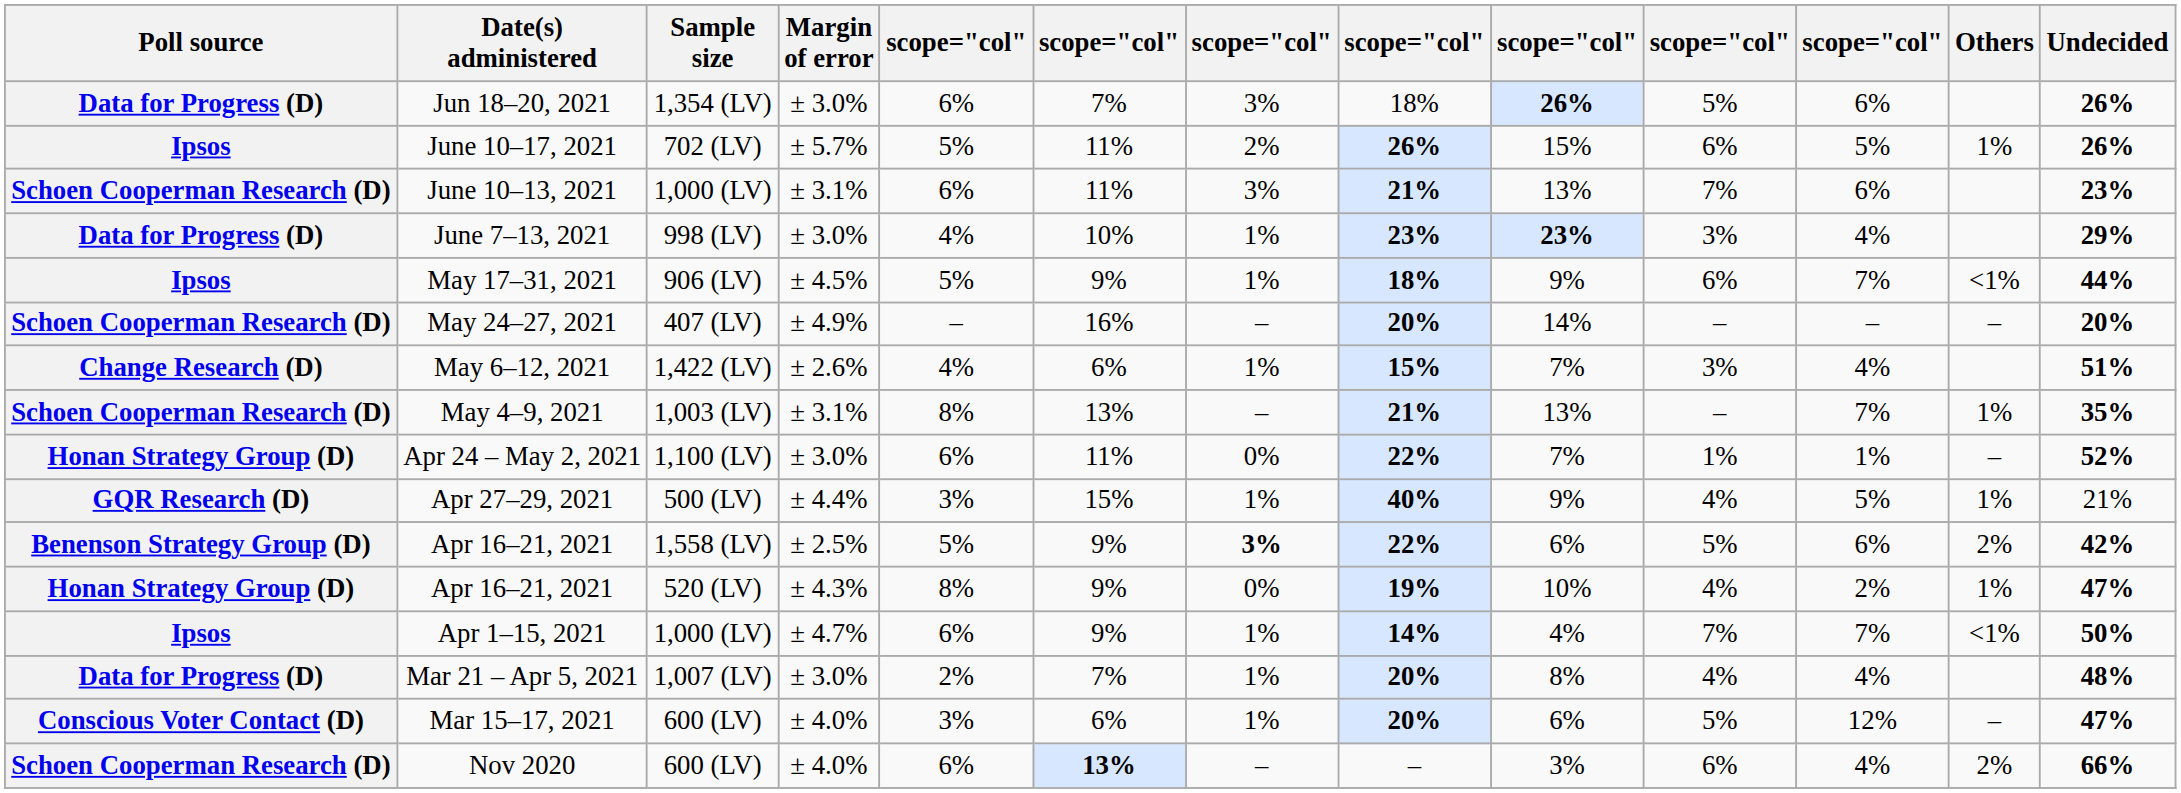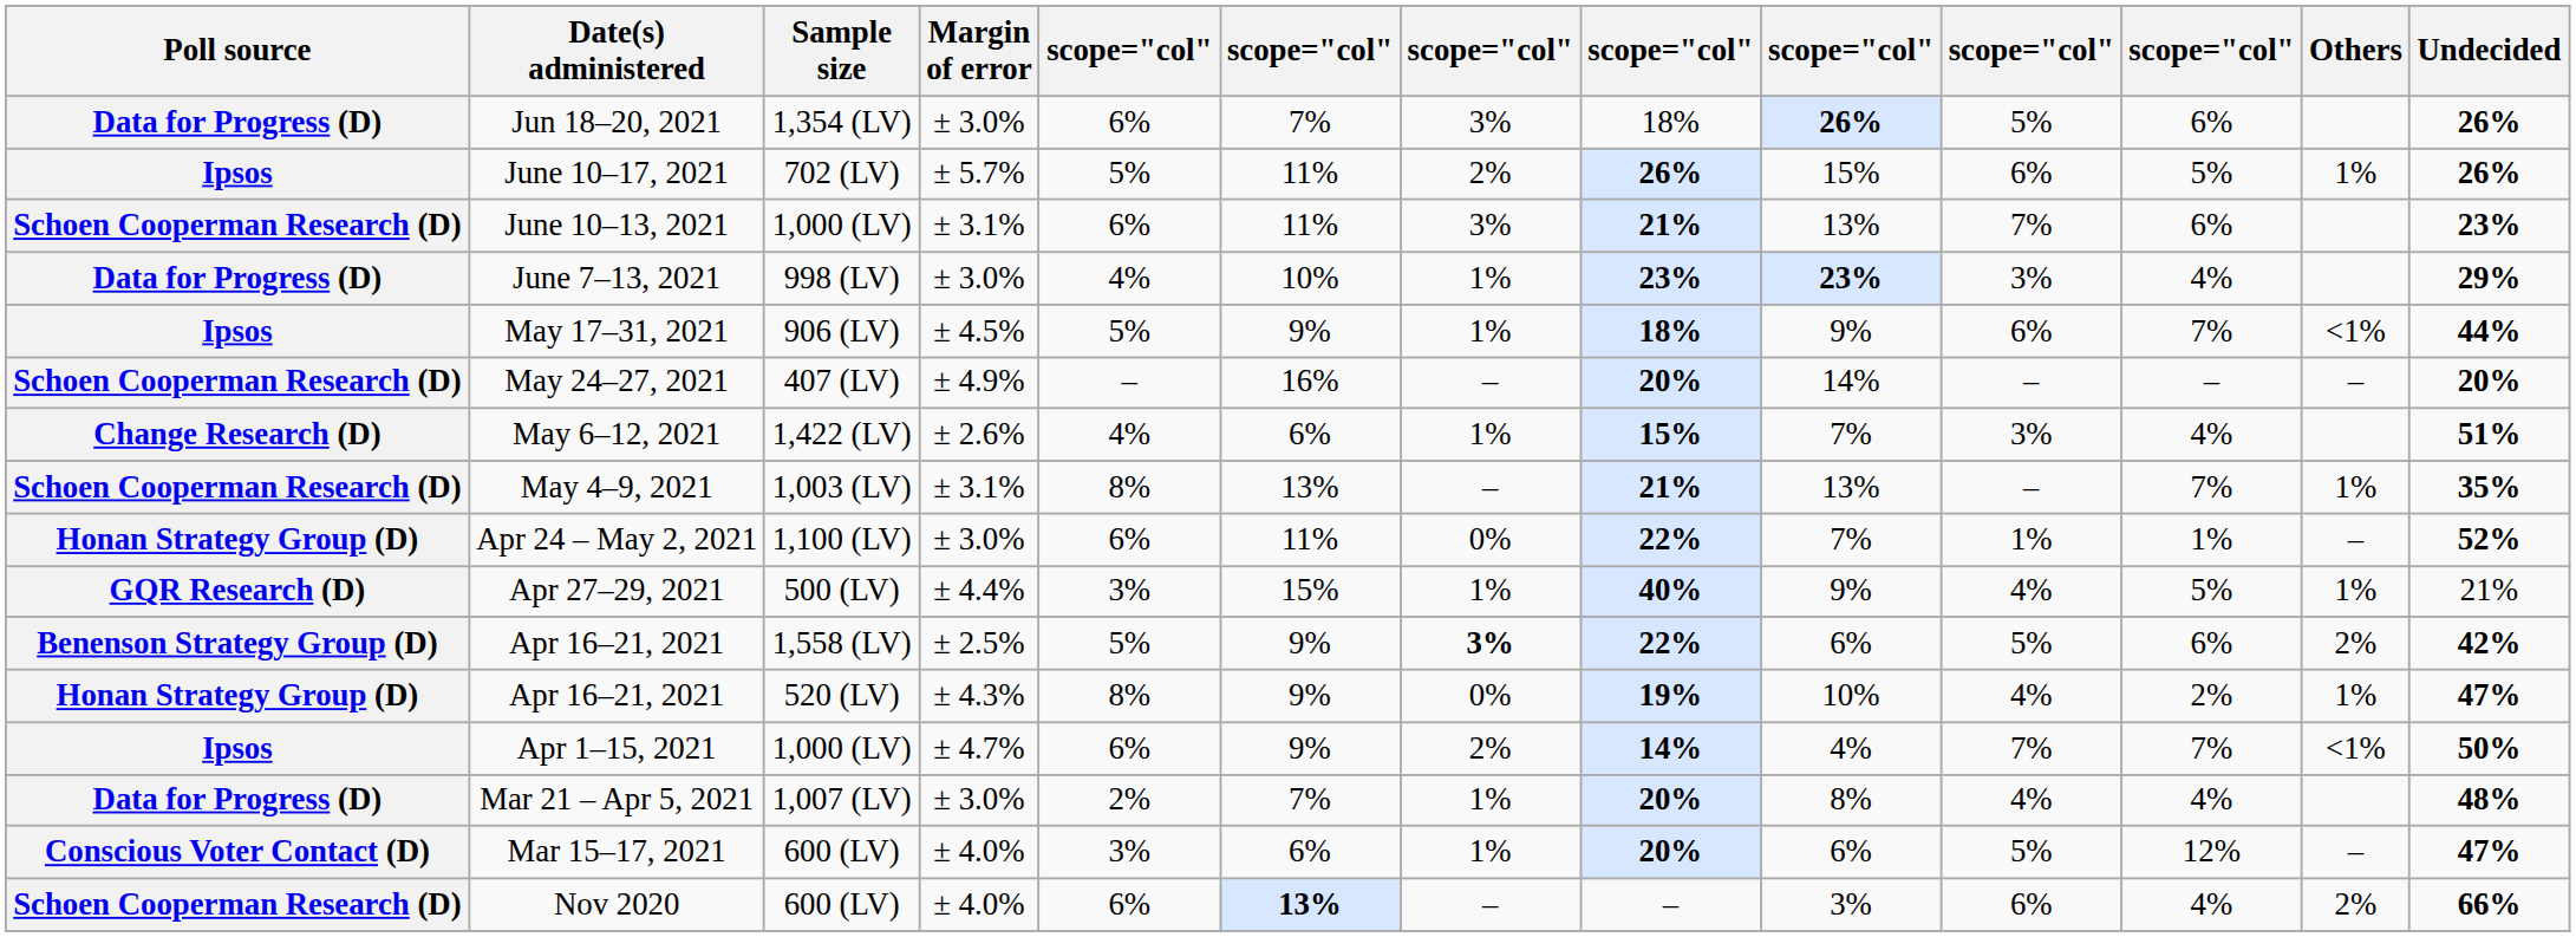 <table class="wikitable plainrowheaders" style="text-align:center; font-size:90%;">
 <tr>
 <th scope="col">Poll source</th>
 <th scope="col">Date(s)<br>administered</th>
 <th scope="col">Sample<br>size</th>
 <th scope="col">Margin<br>of error</th>
 <th>scope="col" </th>
 <th>scope="col" </th>
 <th>scope="col" </th>
 <th>scope="col" </th>
 <th>scope="col" </th>
 <th>scope="col" </th>
 <th>scope="col" </th>
 <th scope="col">Others</th>
 <th scope="col">Undecided</th>
 </tr>
 <tr>
 <th scope="row"><a href='#'>Data for Progress</a> (D)</th>
 <td>Jun 18–20, 2021</td>
 <td>1,354 (LV)</td>
 <td>± 3.0%</td>
 <td>6%</td>
 <td>7%</td>
 <td>3%</td>
 <td>18%</td>
 <td style="background:#d7e7ff"><strong>26%</strong></td>
 <td>5%</td>
 <td>6%</td>
 <td></td>
 <td><strong>26%</strong></td>
 </tr>
 <tr>
 <th scope="row"><a href='#'>Ipsos</a></th>
 <td>June 10–17, 2021</td>
 <td>702 (LV)</td>
 <td>± 5.7%</td>
 <td>5%</td>
 <td>11%</td>
 <td>2%</td>
 <td style="background:#d7e7ff"><strong>26%</strong></td>
 <td>15%</td>
 <td>6%</td>
 <td>5%</td>
 <td>1%</td>
 <td><strong>26%</strong></td>
 </tr>
 <tr>
 <th scope="row"><a href='#'>Schoen Cooperman Research</a> (D)</th>
 <td>June 10–13, 2021</td>
 <td>1,000 (LV)</td>
 <td>± 3.1%</td>
 <td>6%</td>
 <td>11%</td>
 <td>3%</td>
 <td style="background:#d7e7ff"><strong>21%</strong></td>
 <td>13%</td>
 <td>7%</td>
 <td>6%</td>
 <td></td>
 <td><strong>23%</strong></td>
 </tr>
 <tr>
 <th scope="row"><a href='#'>Data for Progress</a> (D)</th>
 <td>June 7–13, 2021</td>
 <td>998 (LV)</td>
 <td>± 3.0%</td>
 <td>4%</td>
 <td>10%</td>
 <td>1%</td>
 <td style="background:#d7e7ff"><strong>23%</strong></td>
 <td style="background:#d7e7ff"><strong>23%</strong></td>
 <td>3%</td>
 <td>4%</td>
 <td></td>
 <td><strong>29%</strong></td>
 </tr>
 <tr>
 <th scope="row"><a href='#'>Ipsos</a></th>
 <td>May 17–31, 2021</td>
 <td>906 (LV)</td>
 <td>± 4.5%</td>
 <td>5%</td>
 <td>9%</td>
 <td>1%</td>
 <td style="background:#d7e7ff"><strong>18%</strong></td>
 <td>9%</td>
 <td>6%</td>
 <td>7%</td>
 <td><1%</td>
 <td><strong>44%</strong></td>
 </tr>
 <tr>
 <th scope="row"><a href='#'>Schoen Cooperman Research</a> (D)</th>
 <td>May 24–27, 2021</td>
 <td>407 (LV)</td>
 <td>± 4.9%</td>
 <td>–</td>
 <td>16%</td>
 <td>–</td>
 <td style="background:#d7e7ff"><strong>20%</strong></td>
 <td>14%</td>
 <td>–</td>
 <td>–</td>
 <td>–</td>
 <td><strong>20%</strong></td>
 </tr>
 <tr>
 <th scope="row"><a href='#'>Change Research</a> (D)</th>
 <td>May 6–12, 2021</td>
 <td>1,422 (LV)</td>
 <td>± 2.6%</td>
 <td>4%</td>
 <td>6%</td>
 <td>1%</td>
 <td style="background:#d7e7ff"><strong>15%</strong></td>
 <td>7%</td>
 <td>3%</td>
 <td>4%</td>
 <td></td>
 <td><strong>51%</strong></td>
 </tr>
 <tr>
 <th scope="row"><a href='#'>Schoen Cooperman Research</a> (D)</th>
 <td>May 4–9, 2021</td>
 <td>1,003 (LV)</td>
 <td>± 3.1%</td>
 <td>8%</td>
 <td>13%</td>
 <td>–</td>
 <td style="background:#d7e7ff"><strong>21%</strong></td>
 <td>13%</td>
 <td>–</td>
 <td>7%</td>
 <td>1%</td>
 <td><strong>35%</strong></td>
 </tr>
 <tr>
 <th scope="row"><a href='#'>Honan Strategy Group</a> (D)</th>
 <td>Apr 24 – May 2, 2021</td>
 <td>1,100 (LV)</td>
 <td>± 3.0%</td>
 <td>6%</td>
 <td>11%</td>
 <td>0%</td>
 <td style="background:#d7e7ff"><strong>22%</strong></td>
 <td>7%</td>
 <td>1%</td>
 <td>1%</td>
 <td>–</td>
 <td><strong>52%</strong></td>
 </tr>
 <tr>
 <th scope="row"><a href='#'>GQR Research</a> (D)</th>
 <td>Apr 27–29, 2021</td>
 <td>500 (LV)</td>
 <td>± 4.4%</td>
 <td>3%</td>
 <td>15%</td>
 <td>1%</td>
 <td style="background:#d7e7ff"><strong>40%</strong></td>
 <td>9%</td>
 <td>4%</td>
 <td>5%</td>
 <td>1%</td>
 <td>21%</td>
 </tr>
 <tr>
 <th scope="row"><a href='#'>Benenson Strategy Group</a> (D)</th>
 <td>Apr 16–21, 2021</td>
 <td>1,558 (LV)</td>
 <td>± 2.5%</td>
 <td>5%</td>
 <td>9%</td>
 <td><strong>3%</strong></td>
 <td style="background:#d7e7ff"><strong>22%</strong></td>
 <td>6%</td>
 <td>5%</td>
 <td>6%</td>
 <td>2%</td>
 <td><strong>42%</strong></td>
 </tr>
 <tr>
 <th scope="row"><a href='#'>Honan Strategy Group</a> (D)</th>
 <td>Apr 16–21, 2021</td>
 <td>520 (LV)</td>
 <td>± 4.3%</td>
 <td>8%</td>
 <td>9%</td>
 <td>0%</td>
 <td style="background:#d7e7ff"><strong>19%</strong></td>
 <td>10%</td>
 <td>4%</td>
 <td>2%</td>
 <td>1%</td>
 <td><strong>47%</strong></td>
 </tr>
 <tr>
 <th scope="row"><a href='#'>Ipsos</a></th>
 <td>Apr 1–15, 2021</td>
 <td>1,000 (LV)</td>
 <td>± 4.7%</td>
 <td>6%</td>
 <td>9%</td>
-<td>1%</td>
+<td>2%</td>
 <td style="background:#d7e7ff"><strong>14%</strong></td>
 <td>4%</td>
 <td>7%</td>
 <td>7%</td>
 <td><1%</td>
 <td><strong>50%</strong></td>
 </tr>
 <tr>
 <th scope="row"><a href='#'>Data for Progress</a> (D)</th>
 <td>Mar 21 – Apr 5, 2021</td>
 <td>1,007 (LV)</td>
 <td>± 3.0%</td>
 <td>2%</td>
 <td>7%</td>
 <td>1%</td>
 <td style="background:#d7e7ff"><strong>20%</strong></td>
 <td>8%</td>
 <td>4%</td>
 <td>4%</td>
 <td></td>
 <td><strong>48%</strong></td>
 </tr>
 <tr>
 <th scope="row"><a href='#'>Conscious Voter Contact</a> (D)</th>
 <td>Mar 15–17, 2021</td>
 <td>600 (LV)</td>
 <td>± 4.0%</td>
 <td>3%</td>
 <td>6%</td>
 <td>1%</td>
 <td style="background:#d7e7ff"><strong>20%</strong></td>
 <td>6%</td>
 <td>5%</td>
 <td>12%</td>
 <td>–</td>
 <td><strong>47%</strong></td>
 </tr>
 <tr>
 <th scope="row"><a href='#'>Schoen Cooperman Research</a> (D)</th>
 <td>Nov 2020</td>
 <td>600 (LV)</td>
 <td>± 4.0%</td>
 <td>6%</td>
 <td style="background:#d7e7ff"><strong>13%</strong></td>
 <td>–</td>
 <td>–</td>
 <td>3%</td>
 <td>6%</td>
 <td>4%</td>
 <td>2%</td>
 <td><strong>66%</strong></td>
 </tr>
 </table>
